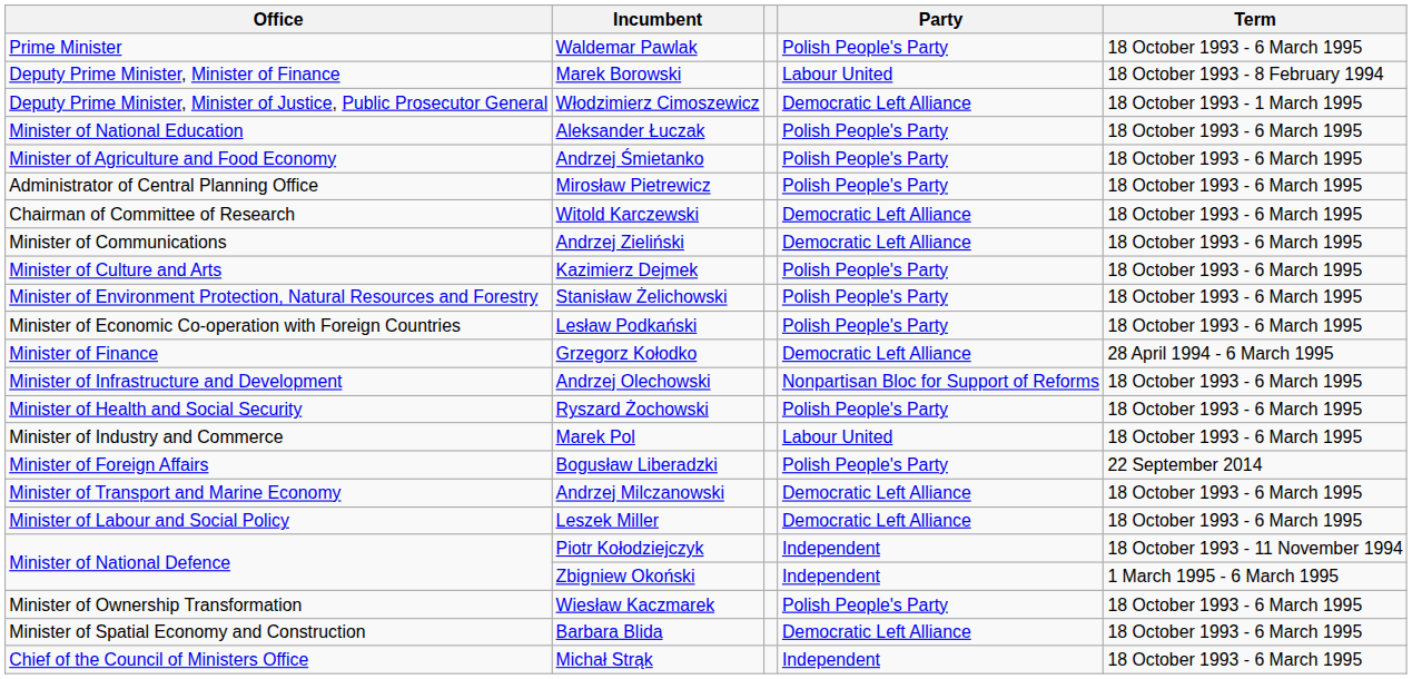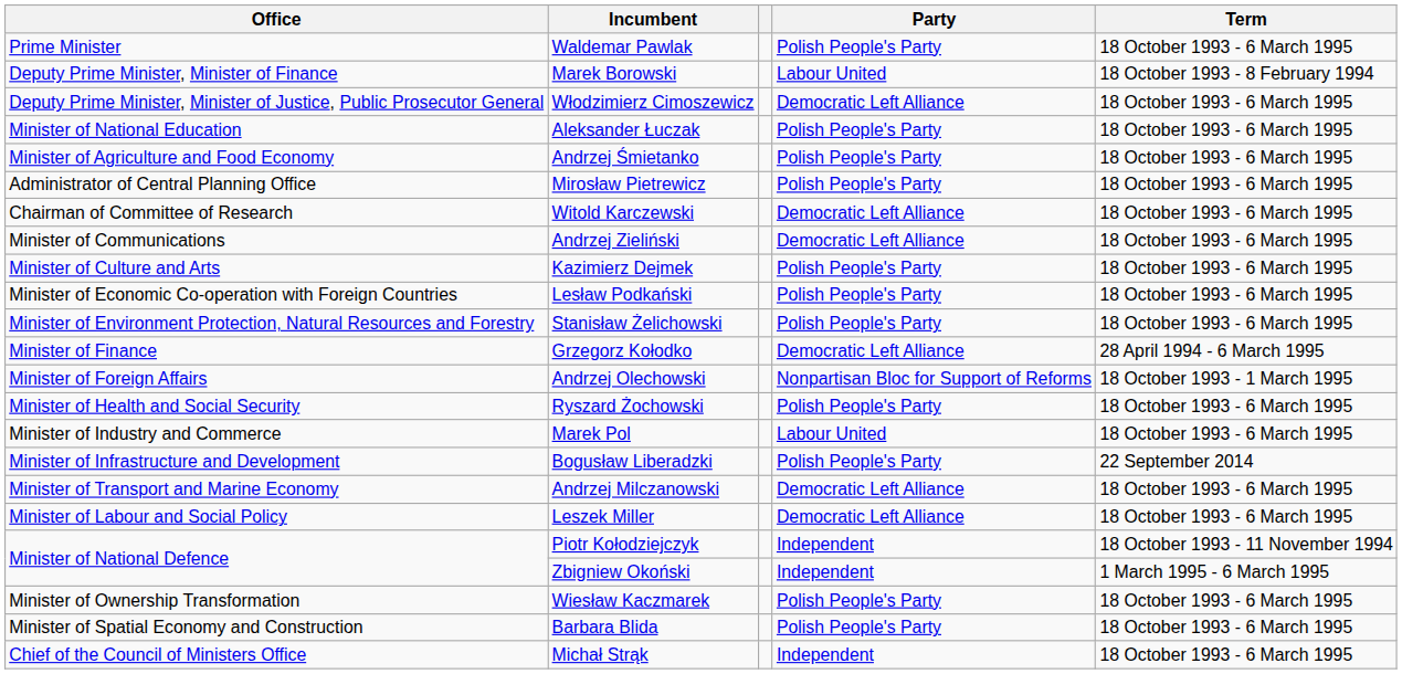 <table class="wikitable" style="font-size: 90%;">
 <tr>
 <th>Office</th>
 <th>Incumbent</th>
 <th></th>
 <th>Party</th>
 <th>Term</th>
 </tr>
 <tr>
 <td><a href='#'>Prime Minister</a></td>
 <td><a href='#'>Waldemar Pawlak</a></td>
 <td width=5px style="background-color: "></td>
 <td><a href='#'>Polish People's Party</a></td>
 <td>18 October 1993 - 6 March 1995</td>
 </tr>
 <tr>
 <td><a href='#'>Deputy Prime Minister</a>, <a href='#'>Minister of Finance</a></td>
 <td><a href='#'>Marek Borowski</a></td>
 <td width=5px style="background-color: "></td>
 <td><a href='#'>Labour United</a></td>
 <td>18 October 1993 - 8 February 1994</td>
 </tr>
 <tr>
 <td><a href='#'>Deputy Prime Minister</a>, <a href='#'>Minister of Justice</a>, <a href='#'>Public Prosecutor General</a></td>
 <td><a href='#'>Włodzimierz Cimoszewicz</a></td>
 <td width=5px style="background-color: "></td>
 <td><a href='#'>Democratic Left Alliance</a></td>
-<td>18 October 1993 - 1 March 1995</td>
+<td>18 October 1993 - 6 March 1995</td>
 </tr>
 <tr>
 <td><a href='#'>Minister of National Education</a></td>
 <td><a href='#'>Aleksander Łuczak</a></td>
 <td width=5px style="background-color: "></td>
 <td><a href='#'>Polish People's Party</a></td>
 <td>18 October 1993 - 6 March 1995</td>
 </tr>
 <tr>
 <td><a href='#'>Minister of Agriculture and Food Economy</a></td>
 <td><a href='#'>Andrzej Śmietanko</a></td>
 <td width=5px style="background-color: "></td>
 <td><a href='#'>Polish People's Party</a></td>
 <td>18 October 1993 - 6 March 1995</td>
 </tr>
 <tr>
 <td>Administrator of Central Planning Office</td>
 <td><a href='#'>Mirosław Pietrewicz</a></td>
 <td width=5px style="background-color: "></td>
 <td><a href='#'>Polish People's Party</a></td>
 <td>18 October 1993 - 6 March 1995</td>
 </tr>
 <tr>
 <td>Chairman of Committee of Research</td>
 <td><a href='#'>Witold Karczewski</a></td>
 <td width=5px style="background-color: "></td>
 <td><a href='#'>Democratic Left Alliance</a></td>
 <td>18 October 1993 - 6 March 1995</td>
 </tr>
 <tr>
 <td>Minister of Communications</td>
 <td><a href='#'>Andrzej Zieliński</a></td>
 <td width=5px style="background-color: "></td>
 <td><a href='#'>Democratic Left Alliance</a></td>
 <td>18 October 1993 - 6 March 1995</td>
 </tr>
 <tr>
 <td><a href='#'>Minister of Culture and Arts</a></td>
 <td><a href='#'>Kazimierz Dejmek</a></td>
 <td width=5px style="background-color: "></td>
 <td><a href='#'>Polish People's Party</a></td>
 <td>18 October 1993 - 6 March 1995</td>
 </tr>
 <tr>
-<td><a href='#'>Minister of Environment Protection, Natural Resources and Forestry</a></td>
-<td><a href='#'>Stanisław Żelichowski</a></td>
+<td>Minister of Economic Co-operation with Foreign Countries</td>
+<td><a href='#'>Lesław Podkański</a></td>
 <td width=5px style="background-color: "></td>
 <td><a href='#'>Polish People's Party</a></td>
 <td>18 October 1993 - 6 March 1995</td>
 </tr>
 <tr>
-<td>Minister of Economic Co-operation with Foreign Countries</td>
-<td><a href='#'>Lesław Podkański</a></td>
+<td><a href='#'>Minister of Environment Protection, Natural Resources and Forestry</a></td>
+<td><a href='#'>Stanisław Żelichowski</a></td>
 <td width=5px style="background-color: "></td>
 <td><a href='#'>Polish People's Party</a></td>
 <td>18 October 1993 - 6 March 1995</td>
 </tr>
 <tr>
 <td><a href='#'>Minister of Finance</a></td>
 <td><a href='#'>Grzegorz Kołodko</a></td>
 <td width=5px style="background-color: "></td>
 <td><a href='#'>Democratic Left Alliance</a></td>
 <td>28 April 1994 - 6 March 1995</td>
 </tr>
 <tr>
-<td><a href='#'>Minister of Infrastructure and Development</a></td>
+<td><a href='#'>Minister of Foreign Affairs</a></td>
 <td><a href='#'>Andrzej Olechowski</a></td>
 <td width=5px style="background-color: "></td>
 <td><a href='#'>Nonpartisan Bloc for Support of Reforms</a></td>
-<td>18 October 1993 - 6 March 1995</td>
+<td>18 October 1993 - 1 March 1995</td>
 </tr>
 <tr>
 <td><a href='#'>Minister of Health and Social Security</a></td>
 <td><a href='#'>Ryszard Żochowski</a></td>
 <td width=5px style="background-color: "></td>
 <td><a href='#'>Polish People's Party</a></td>
 <td>18 October 1993 - 6 March 1995</td>
 </tr>
 <tr>
 <td>Minister of Industry and Commerce</td>
 <td><a href='#'>Marek Pol</a></td>
 <td width=5px style="background-color: "></td>
 <td><a href='#'>Labour United</a></td>
 <td>18 October 1993 - 6 March 1995</td>
 </tr>
 <tr>
-<td><a href='#'>Minister of Foreign Affairs</a></td>
+<td><a href='#'>Minister of Infrastructure and Development</a></td>
 <td><a href='#'>Bogusław Liberadzki</a></td>
 <td width=5px style="background-color: "></td>
 <td><a href='#'>Polish People's Party</a></td>
 <td>22 September 2014</td>
 </tr>
 <tr>
 <td><a href='#'>Minister of Transport and Marine Economy</a></td>
 <td><a href='#'>Andrzej Milczanowski</a></td>
 <td width=5px style="background-color: "></td>
 <td><a href='#'>Democratic Left Alliance</a></td>
 <td>18 October 1993 - 6 March 1995</td>
 </tr>
 <tr>
 <td><a href='#'>Minister of Labour and Social Policy</a></td>
 <td><a href='#'>Leszek Miller</a></td>
 <td width=5px style="background-color: "></td>
 <td><a href='#'>Democratic Left Alliance</a></td>
 <td>18 October 1993 - 6 March 1995</td>
 </tr>
 <tr>
 <td rowspan="2"><a href='#'>Minister of National Defence</a></td>
 <td><a href='#'>Piotr Kołodziejczyk</a></td>
 <td width=5px style="background-color: "></td>
 <td><a href='#'>Independent</a></td>
 <td>18 October 1993 - 11 November 1994</td>
 </tr>
 <tr>
 <td><a href='#'>Zbigniew Okoński</a></td>
 <td width=5px style="background-color: "></td>
 <td><a href='#'>Independent</a></td>
 <td>1 March 1995 - 6 March 1995</td>
 </tr>
 <tr>
 <td>Minister of Ownership Transformation</td>
 <td><a href='#'>Wiesław Kaczmarek</a></td>
 <td width=5px style="background-color: "></td>
 <td><a href='#'>Polish People's Party</a></td>
 <td>18 October 1993 - 6 March 1995</td>
 </tr>
 <tr>
 <td>Minister of Spatial Economy and Construction</td>
 <td><a href='#'>Barbara Blida</a></td>
 <td width=5px style="background-color: "></td>
-<td><a href='#'>Democratic Left Alliance</a></td>
+<td><a href='#'>Polish People's Party</a></td>
 <td>18 October 1993 - 6 March 1995</td>
 </tr>
 <tr>
 <td><a href='#'>Chief of the Council of Ministers Office</a></td>
 <td><a href='#'>Michał Strąk</a></td>
 <td width=5px style="background-color: "></td>
 <td><a href='#'>Independent</a></td>
 <td>18 October 1993 - 6 March 1995</td>
 </tr>
 </table>
